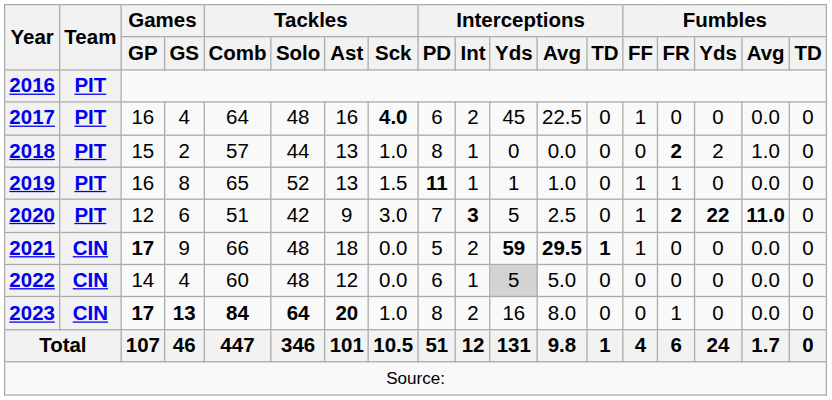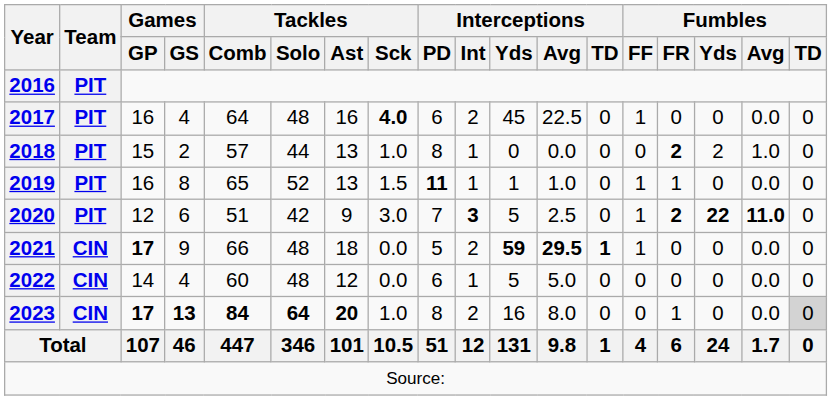 <table class="wikitable" style="text-align:center;">
 <tr>
 <th rowspan="2">Year</th>
 <th rowspan="2">Team</th>
 <th colspan="2">Games</th>
 <th colspan="4">Tackles</th>
 <th colspan="5">Interceptions</th>
 <th colspan="5">Fumbles</th>
 </tr>
 <tr>
 <th>GP</th>
 <th>GS</th>
 <th>Comb</th>
 <th>Solo</th>
 <th>Ast</th>
 <th>Sck</th>
 <th>PD</th>
 <th>Int</th>
 <th>Yds</th>
 <th>Avg</th>
 <th>TD</th>
 <th>FF</th>
 <th>FR</th>
 <th>Yds</th>
 <th>Avg</th>
 <th>TD</th>
 </tr>
 <tr>
 <th><a href='#'>2016</a></th>
 <th><a href='#'>PIT</a></th>
 <td colspan="16"></td>
 </tr>
 <tr>
 <th><a href='#'>2017</a></th>
 <th><a href='#'>PIT</a></th>
 <td>16</td>
 <td>4</td>
 <td>64</td>
 <td>48</td>
 <td>16</td>
 <td><strong>4.0</strong></td>
 <td>6</td>
 <td>2</td>
 <td>45</td>
 <td>22.5</td>
 <td>0</td>
 <td>1</td>
 <td>0</td>
 <td>0</td>
 <td>0.0</td>
 <td>0</td>
 </tr>
 <tr>
 <th><a href='#'>2018</a></th>
 <th><a href='#'>PIT</a></th>
 <td>15</td>
 <td>2</td>
 <td>57</td>
 <td>44</td>
 <td>13</td>
 <td>1.0</td>
 <td>8</td>
 <td>1</td>
 <td>0</td>
 <td>0.0</td>
 <td>0</td>
 <td>0</td>
 <td><strong>2</strong></td>
 <td>2</td>
 <td>1.0</td>
 <td>0</td>
 </tr>
 <tr>
 <th><a href='#'>2019</a></th>
 <th><a href='#'>PIT</a></th>
 <td>16</td>
 <td>8</td>
 <td>65</td>
 <td>52</td>
 <td>13</td>
 <td>1.5</td>
 <td><strong>11</strong></td>
 <td>1</td>
 <td>1</td>
 <td>1.0</td>
 <td>0</td>
 <td>1</td>
 <td>1</td>
 <td>0</td>
 <td>0.0</td>
 <td>0</td>
 </tr>
 <tr>
 <th><a href='#'>2020</a></th>
 <th><a href='#'>PIT</a></th>
 <td>12</td>
 <td>6</td>
 <td>51</td>
 <td>42</td>
 <td>9</td>
 <td>3.0</td>
 <td>7</td>
 <td><strong>3</strong></td>
 <td>5</td>
 <td>2.5</td>
 <td>0</td>
 <td>1</td>
 <td><strong>2</strong></td>
 <td><strong>22</strong></td>
 <td><strong>11.0</strong></td>
 <td>0</td>
 </tr>
 <tr>
 <th><a href='#'>2021</a></th>
 <th><a href='#'>CIN</a></th>
 <td><strong>17</strong></td>
 <td>9</td>
 <td>66</td>
 <td>48</td>
 <td>18</td>
 <td>0.0</td>
 <td>5</td>
 <td>2</td>
 <td><strong>59</strong></td>
 <td><strong>29.5</strong></td>
 <td><strong>1</strong></td>
 <td>1</td>
 <td>0</td>
 <td>0</td>
 <td>0.0</td>
 <td>0</td>
 </tr>
 <tr>
 <th><a href='#'>2022</a></th>
 <th><a href='#'>CIN</a></th>
 <td>14</td>
 <td>4</td>
 <td>60</td>
 <td>48</td>
 <td>12</td>
 <td>0.0</td>
 <td>6</td>
 <td>1</td>
-<td style="background: lightgrey;">5</td>
+<td>5</td>
 <td>5.0</td>
 <td>0</td>
 <td>0</td>
 <td>0</td>
 <td>0</td>
 <td>0.0</td>
 <td>0</td>
 </tr>
 <tr>
 <th><a href='#'>2023</a></th>
 <th><a href='#'>CIN</a></th>
 <td><strong>17</strong></td>
 <td><strong>13</strong></td>
 <td><strong>84</strong></td>
 <td><strong>64</strong></td>
 <td><strong>20</strong></td>
 <td>1.0</td>
 <td>8</td>
 <td>2</td>
 <td>16</td>
 <td>8.0</td>
 <td>0</td>
 <td>0</td>
 <td>1</td>
 <td>0</td>
 <td>0.0</td>
-<td>0</td>
+<td style="background: lightgrey;">0</td>
 </tr>
 <tr>
 <th colspan="2">Total</th>
 <th>107</th>
 <th>46</th>
 <th>447</th>
 <th>346</th>
 <th>101</th>
 <th>10.5</th>
 <th>51</th>
 <th>12</th>
 <th>131</th>
 <th>9.8</th>
 <th>1</th>
 <th>4</th>
 <th>6</th>
 <th>24</th>
 <th>1.7</th>
 <th>0</th>
 </tr>
 <tr>
 <td colspan="18"><small>Source: </small></td>
 </tr>
 </table>
